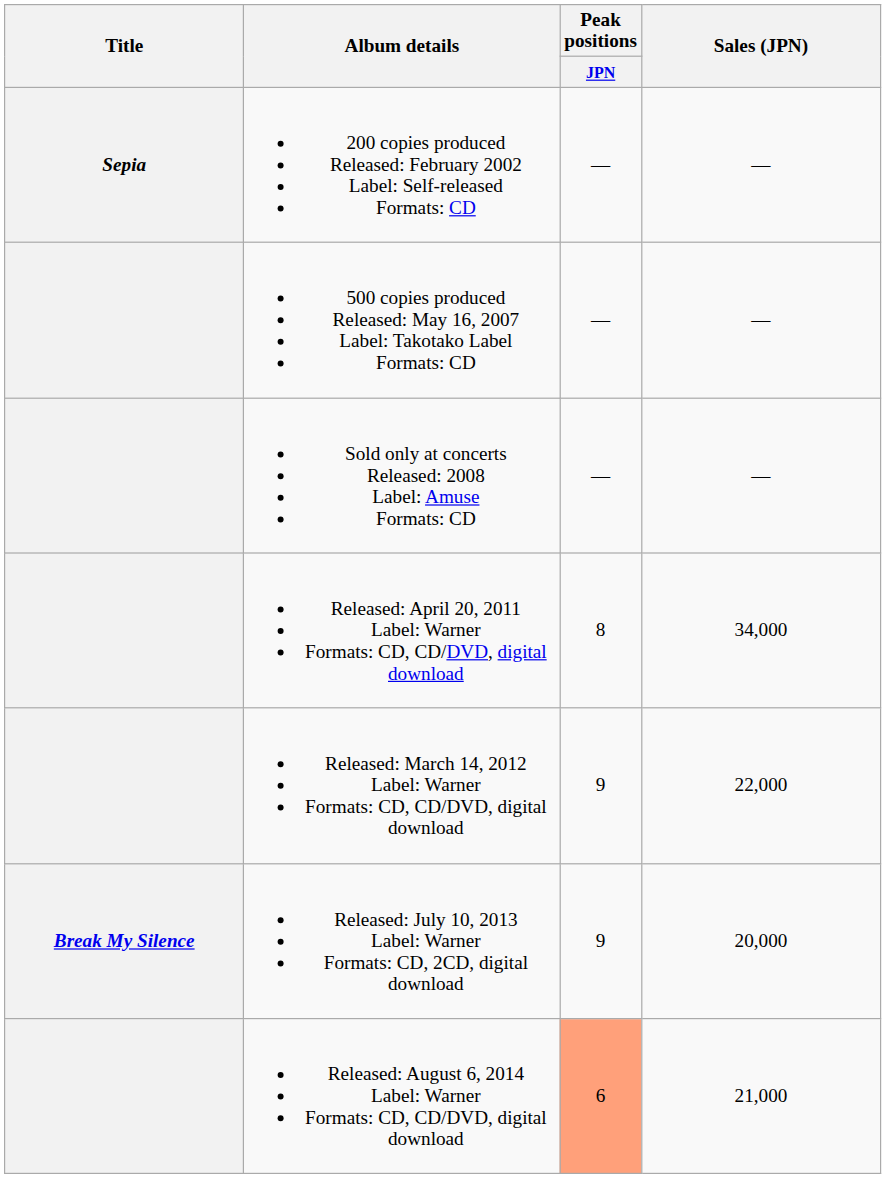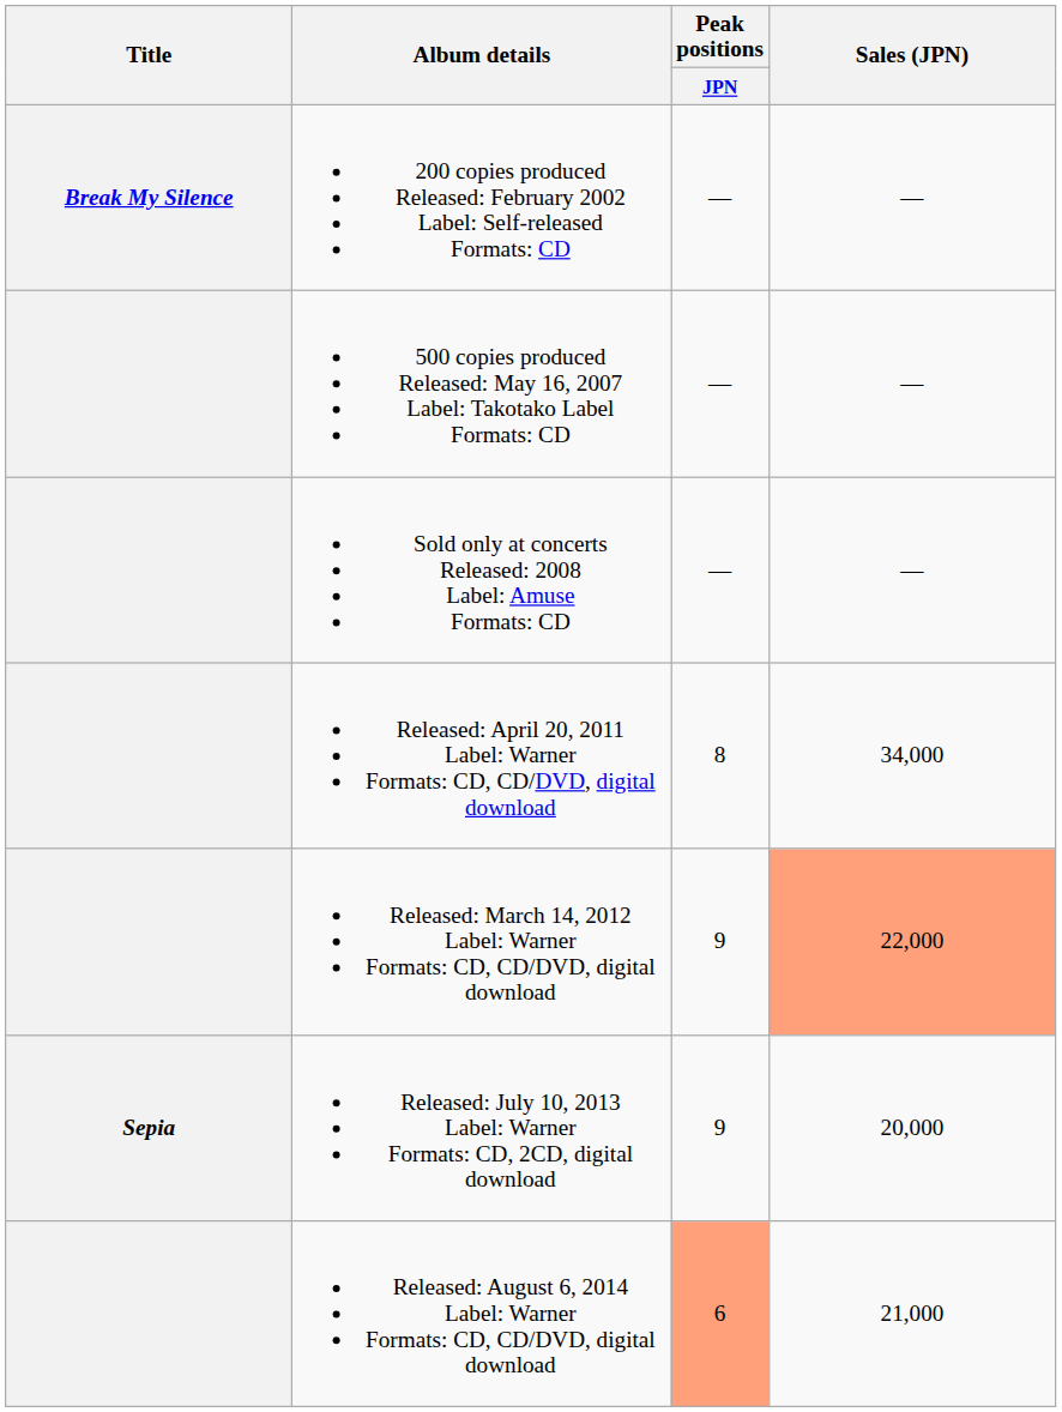 <table class="wikitable plainrowheaders" style="text-align:center;">
 <tr>
 <th style="width:12em;" rowspan="2">Title</th>
 <th style="width:16em;" rowspan="2">Album details</th>
 <th colspan="1">Peak positions</th>
 <th style="width:12em;" rowspan="2">Sales (JPN)</th>
 </tr>
 <tr>
 <th style="width:2.5em;"><small><a href='#'>JPN</a></small><br></th>
 </tr>
 <tr>
-<th scope="row"><em>Sepia</em></th>
+<th scope="row"><em><a href='#'>Break My Silence</a></em></th>
 <td><br><ul><li>200 copies produced</li><li>Released: February 2002</li><li>Label: Self-released</li><li>Formats: <a href='#'>CD</a></li></ul></td>
 <td>—</td>
 <td>—</td>
 </tr>
 <tr>
 <th scope="row"></th>
 <td><br><ul><li>500 copies produced</li><li>Released: May 16, 2007</li><li>Label: Takotako Label</li><li>Formats: CD</li></ul></td>
 <td>—</td>
 <td>—</td>
 </tr>
 <tr>
 <th scope="row"></th>
 <td><br><ul><li>Sold only at concerts</li><li>Released: 2008</li><li>Label: <a href='#'>Amuse</a></li><li>Formats: CD</li></ul></td>
 <td>—</td>
 <td>—</td>
 </tr>
 <tr>
 <th scope="row"></th>
 <td><br><ul><li>Released: April 20, 2011</li><li>Label: Warner</li><li>Formats: CD, CD/<a href='#'>DVD</a>, <a href='#'>digital download</a></li></ul></td>
 <td>8</td>
 <td>34,000</td>
 </tr>
 <tr>
 <th scope="row"></th>
 <td><br><ul><li>Released: March 14, 2012</li><li>Label: Warner</li><li>Formats: CD, CD/DVD, digital download</li></ul></td>
 <td>9</td>
-<td>22,000</td>
+<td style="background: lightsalmon;">22,000</td>
 </tr>
 <tr>
-<th scope="row"><em><a href='#'>Break My Silence</a></em></th>
+<th scope="row"><em>Sepia</em></th>
 <td><br><ul><li>Released: July 10, 2013</li><li>Label: Warner</li><li>Formats: CD, 2CD, digital download</li></ul></td>
 <td>9</td>
 <td>20,000</td>
 </tr>
 <tr>
 <th scope="row"></th>
 <td><br><ul><li>Released: August 6, 2014</li><li>Label: Warner</li><li>Formats: CD, CD/DVD, digital download</li></ul></td>
 <td style="background: lightsalmon;">6</td>
 <td>21,000</td>
 </tr>
 </table>
